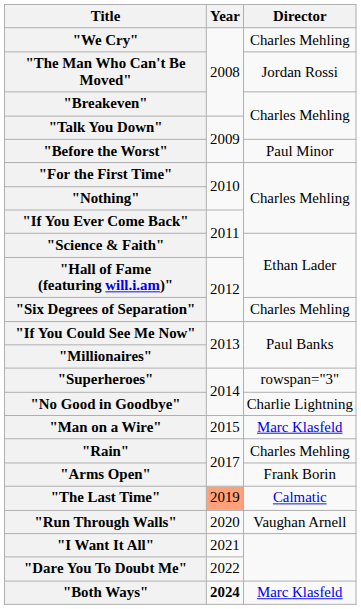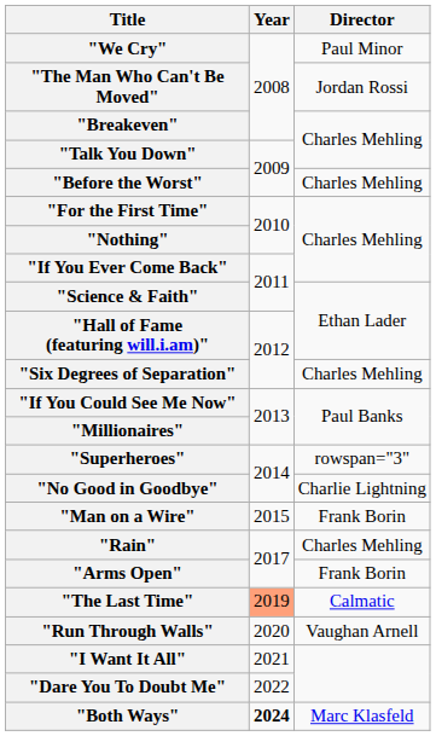 <table class="wikitable plainrowheaders" style="text-align:center;">
 <tr>
 <th style="width:210px;">Title</th>
 <th scope="col">Year</th>
 <th scope="col">Director</th>
 </tr>
 <tr>
 <th scope="row">"We Cry"</th>
 <td rowspan="3">2008</td>
-<td>Charles Mehling</td>
+<td>Paul Minor</td>
 </tr>
 <tr>
 <th scope="row">"The Man Who Can't Be Moved"</th>
 <td>Jordan Rossi</td>
 </tr>
 <tr>
 <th scope="row">"Breakeven"</th>
 <td rowspan="2">Charles Mehling</td>
 </tr>
 <tr>
 <th scope="row">"Talk You Down"</th>
 <td rowspan="2">2009</td>
 </tr>
 <tr>
 <th scope="row">"Before the Worst"</th>
-<td>Paul Minor</td>
+<td>Charles Mehling</td>
 </tr>
 <tr>
 <th scope="row">"For the First Time"</th>
 <td rowspan="2">2010</td>
 <td rowspan="3">Charles Mehling</td>
 </tr>
 <tr>
 <th scope="row">"Nothing"</th>
 </tr>
 <tr>
 <th scope="row">"If You Ever Come Back"</th>
 <td rowspan="2">2011</td>
 </tr>
 <tr>
 <th scope="row">"Science & Faith"</th>
 <td rowspan="2">Ethan Lader</td>
 </tr>
 <tr>
 <th scope="row">"Hall of Fame<br><span>(featuring <a href='#'>will.i.am</a>)</span>"</th>
 <td rowspan="2">2012</td>
 </tr>
 <tr>
 <th scope="row">"Six Degrees of Separation"</th>
 <td>Charles Mehling</td>
 </tr>
 <tr>
 <th scope="row">"If You Could See Me Now"</th>
 <td rowspan="2">2013</td>
 <td rowspan="2">Paul Banks</td>
 </tr>
 <tr>
 <th scope="row">"Millionaires"</th>
 </tr>
 <tr>
 <th scope="row">"Superheroes"</th>
 <td rowspan="2">2014</td>
 <td>rowspan="3" </td>
 </tr>
 <tr>
 <th scope="row">"No Good in Goodbye"</th>
 <td>Charlie Lightning</td>
 </tr>
 <tr>
 <th scope="row">"Man on a Wire"</th>
 <td>2015</td>
-<td><a href='#'>Marc Klasfeld</a></td>
+<td>Frank Borin</td>
 </tr>
 <tr>
 <th scope="row">"Rain"</th>
 <td rowspan="2">2017</td>
 <td>Charles Mehling</td>
 </tr>
 <tr>
 <th scope="row">"Arms Open"</th>
 <td>Frank Borin</td>
 </tr>
 <tr>
 <th scope="row">"The Last Time"</th>
 <td style="background: lightsalmon;">2019</td>
 <td><a href='#'>Calmatic</a></td>
 </tr>
 <tr>
 <th scope="row">"Run Through Walls"</th>
 <td>2020</td>
 <td>Vaughan Arnell</td>
 </tr>
 <tr>
 <th scope="row">"I Want It All"</th>
 <td>2021</td>
 </tr>
 <tr>
 <th scope="row">"Dare You To Doubt Me"</th>
 <td>2022</td>
 </tr>
 <tr>
 <th scope="row">"Both Ways"</th>
 <td><strong>2024</strong></td>
 <td><a href='#'>Marc Klasfeld</a></td>
 </tr>
 </table>
